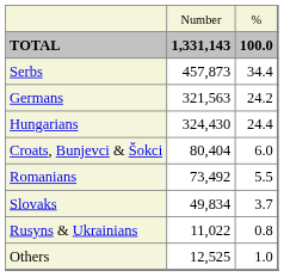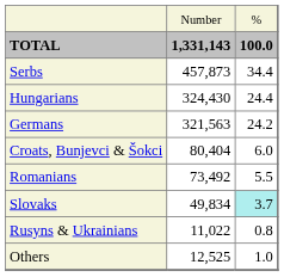 <table border=1 cellpadding=4 cellspacing=0 class="toccolours" style="align: left; margin: 0.5em 0 0 0; border-style: solid; border: 1px solid #7f7f7f; border-right-width: 2px; border-bottom-width: 2px; border-collapse: collapse; font-size: 95%;">
 <tr>
 <td style="background:#F5F5DC;"></td>
 <td style="background:#F5F5DC;" align="center"><small>Number</small></td>
 <td style="background:#F5F5DC;" align="center"><small>%</small></td>
 </tr>
 <tr>
 <td style="background:#c1c1c1;"><strong>TOTAL</strong></td>
 <td colspan=1 style="background:#c1c1c1;" align="center"><strong>1,331,143</strong></td>
 <td colspan=1 style="background:#c1c1c1;" align="center"><strong>100.0</strong></td>
 </tr>
 <tr>
 <td style="background:#F5F5DC;"><a href='#'>Serbs</a></td>
 <td align="right">457,873</td>
 <td align="right">34.4</td>
 </tr>
 <tr>
+<td style="background:#F5F5DC;"><a href='#'>Hungarians</a></td>
+<td align="right">324,430</td>
+<td align="right">24.4</td>
+</tr>
+<tr>
 <td style="background:#F5F5DC;"><a href='#'>Germans</a></td>
 <td align="right">321,563</td>
 <td align="right">24.2</td>
-</tr>
-<tr>
-<td style="background:#F5F5DC;"><a href='#'>Hungarians</a></td>
-<td align="right">324,430</td>
-<td align="right">24.4</td>
 </tr>
 <tr>
 <td style="background:#F5F5DC;"><a href='#'>Croats</a>, <a href='#'>Bunjevci</a> & <a href='#'>Šokci</a></td>
 <td align="right">80,404</td>
 <td align="right">6.0</td>
 </tr>
 <tr>
 <td style="background:#F5F5DC;"><a href='#'>Romanians</a></td>
 <td align="right">73,492</td>
 <td align="right">5.5</td>
 </tr>
 <tr>
 <td style="background:#F5F5DC;"><a href='#'>Slovaks</a></td>
 <td align="right">49,834</td>
-<td align="right">3.7</td>
+<td align="right" style="background: paleturquoise;">3.7</td>
 </tr>
 <tr>
 <td style="background:#F5F5DC;"><a href='#'>Rusyns</a> & <a href='#'>Ukrainians</a></td>
 <td align="right">11,022</td>
 <td align="right">0.8</td>
 </tr>
 <tr>
 <td style="background:#F5F5DC;">Others</td>
 <td align="right">12,525</td>
 <td align="right">1.0</td>
 </tr>
 <tr>
 </tr>
 </table>
